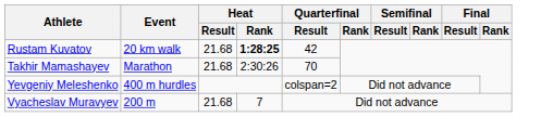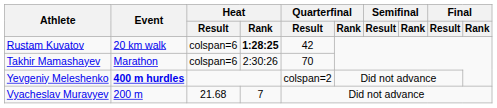 <table class=wikitable style="font-size:90%">
 <tr>
 <th rowspan="2">Athlete</th>
 <th rowspan="2">Event</th>
 <th colspan="2">Heat</th>
 <th colspan="2">Quarterfinal</th>
 <th colspan="2">Semifinal</th>
 <th colspan="2">Final</th>
 </tr>
 <tr style="font-size:95%">
 <th>Result</th>
 <th>Rank</th>
 <th>Result</th>
 <th>Rank</th>
 <th>Result</th>
 <th>Rank</th>
 <th>Result</th>
 <th>Rank</th>
 </tr>
 <tr align=center>
 <td align=left><a href='#'>Rustam Kuvatov</a></td>
 <td align=left><a href='#'>20 km walk</a></td>
-<td>21.68</td>
+<td>colspan=6 </td>
 <td><strong>1:28:25</strong></td>
 <td>42</td>
 </tr>
 <tr align=center>
 <td align=left><a href='#'>Takhir Mamashayev</a></td>
 <td align=left><a href='#'>Marathon</a></td>
-<td>21.68</td>
+<td>colspan=6 </td>
 <td>2:30:26</td>
 <td>70</td>
 </tr>
 <tr align=center>
 <td align=left><a href='#'>Yevgeniy Meleshenko</a></td>
-<td align=left><a href='#'>400 m hurdles</a></td>
+<td align=left><strong><a href='#'>400 m hurdles</a></strong></td>
 <td colspan=2></td>
 <td>colspan=2 </td>
 <td colspan=4>Did not advance</td>
 </tr>
 <tr align=center>
 <td align=left><a href='#'>Vyacheslav Muravyev</a></td>
 <td align=left><a href='#'>200 m</a></td>
 <td>21.68</td>
 <td>7</td>
 <td colspan=6>Did not advance</td>
 </tr>
 </table>
